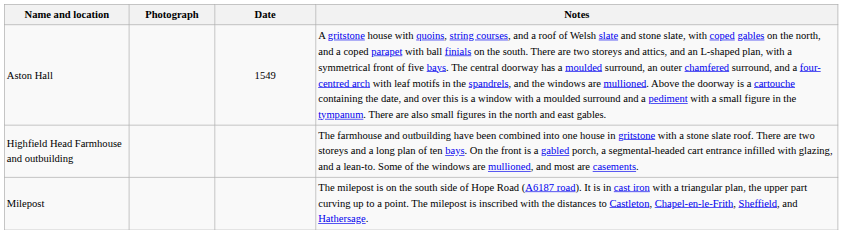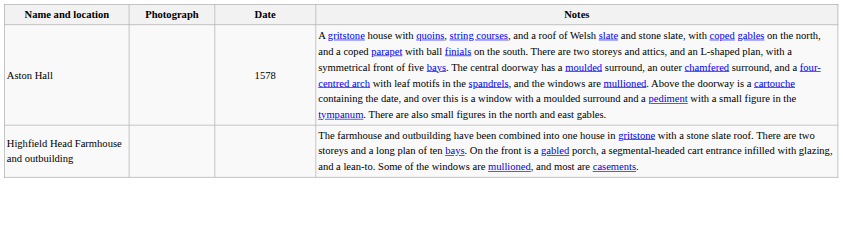 <table class="wikitable sortable plainrowheaders" style="width:100%;border:0px;text-align:left;line-height:150%;">
 <tr>
 <th scope="col"  style="width:150px">Name and location</th>
 <th scope="col"  style="width:100px" class="unsortable">Photograph</th>
 <th scope="col"  style="width:120px">Date</th>
 <th scope="col"  style="width:650px" class="unsortable">Notes</th>
 </tr>
 <tr>
 <td>Aston Hall<br><small></small></td>
 <td></td>
-<td align="center">1549</td>
+<td align="center">1578</td>
 <td>A <a href='#'>gritstone</a> house with <a href='#'>quoins</a>, <a href='#'>string courses</a>, and a roof of Welsh <a href='#'>slate</a> and stone slate, with <a href='#'>coped</a> <a href='#'>gables</a> on the north, and a coped <a href='#'>parapet</a> with ball <a href='#'>finials</a> on the south.  There are two storeys and attics, and an L-shaped plan, with a symmetrical front of five <a href='#'>bays</a>.  The central doorway has a <a href='#'>moulded</a> surround, an outer <a href='#'>chamfered</a> surround, and a <a href='#'>four-centred arch</a> with leaf motifs in the <a href='#'>spandrels</a>, and the windows are <a href='#'>mullioned</a>.  Above the doorway is a <a href='#'>cartouche</a> containing the date, and over this is a window with a moulded surround and a <a href='#'>pediment</a> with a small figure in the <a href='#'>tympanum</a>.  There are also small figures in the north and east gables.</td>
 </tr>
 <tr>
 <td>Highfield Head Farmhouse and outbuilding<br><small></small></td>
 <td></td>
 <td align="center"></td>
 <td>The farmhouse and outbuilding have been combined into one house in <a href='#'>gritstone</a> with a stone slate roof.  There are two storeys and a long plan of ten <a href='#'>bays</a>.  On the front is a <a href='#'>gabled</a> porch, a segmental-headed cart entrance infilled with glazing, and a lean-to.  Some of the windows are <a href='#'>mullioned</a>, and most are <a href='#'>casements</a>.</td>
 </tr>
 <tr>
-<td>Milepost<br><small></small></td>
-<td></td>
-<td align="center"></td>
-<td>The milepost is on the south side of Hope Road (<a href='#'>A6187 road</a>).  It is in <a href='#'>cast iron</a> with a triangular plan, the upper part curving up to a point.  The milepost is inscribed with the distances to <a href='#'>Castleton</a>, <a href='#'>Chapel-en-le-Frith</a>, <a href='#'>Sheffield</a>, and <a href='#'>Hathersage</a>.</td>
-</tr>
-<tr>
 </tr>
 </table>
